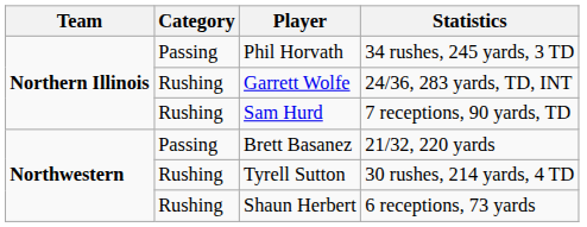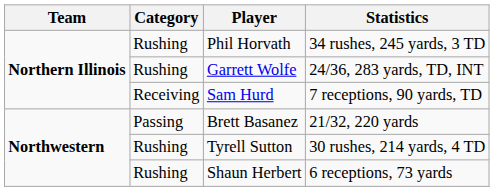 <table class="wikitable" style="float: left;">
 <tr>
 <th>Team</th>
 <th>Category</th>
 <th>Player</th>
 <th>Statistics</th>
 </tr>
 <tr>
 <td rowspan=3><strong>Northern Illinois</strong></td>
-<td>Passing</td>
+<td>Rushing</td>
 <td>Phil Horvath</td>
 <td>34 rushes, 245 yards, 3 TD</td>
 </tr>
 <tr>
 <td>Rushing</td>
 <td><a href='#'>Garrett Wolfe</a></td>
 <td>24/36, 283 yards, TD, INT</td>
 </tr>
 <tr>
-<td>Rushing</td>
+<td>Receiving</td>
 <td><a href='#'>Sam Hurd</a></td>
 <td>7 receptions, 90 yards, TD</td>
 </tr>
 <tr>
 <td rowspan=3><strong>Northwestern</strong></td>
 <td>Passing</td>
 <td>Brett Basanez</td>
 <td>21/32, 220 yards</td>
 </tr>
 <tr>
 <td>Rushing</td>
 <td>Tyrell Sutton</td>
 <td>30 rushes, 214 yards, 4 TD</td>
 </tr>
 <tr>
 <td>Rushing</td>
 <td>Shaun Herbert</td>
 <td>6 receptions, 73 yards</td>
 </tr>
 </table>
